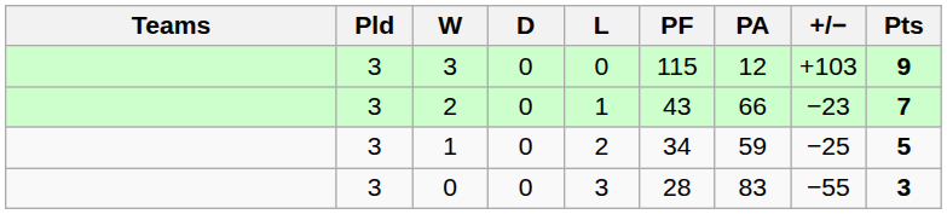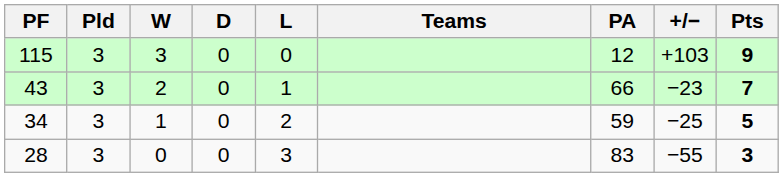 <table class="wikitable" style="text-align: center;">
 <tr>
-<th width="200">Teams</th>
+<th width="40">PF</th>
 <th width="40">Pld</th>
 <th width="40">W</th>
 <th width="40">D</th>
 <th width="40">L</th>
-<th width="40">PF</th>
+<th width="200">Teams</th>
 <th width="40">PA</th>
 <th width="40">+/−</th>
 <th width="40">Pts</th>
 </tr>
 <tr bgcolor=ccffcc>
-<td align=left></td>
+<td>115</td>
 <td>3</td>
 <td>3</td>
 <td>0</td>
 <td>0</td>
-<td>115</td>
+<td align=left></td>
 <td>12</td>
 <td>+103</td>
 <td><strong>9</strong></td>
 </tr>
 <tr bgcolor=ccffcc>
-<td align=left></td>
+<td>43</td>
 <td>3</td>
 <td>2</td>
 <td>0</td>
 <td>1</td>
-<td>43</td>
+<td align=left></td>
 <td>66</td>
 <td>−23</td>
 <td><strong>7</strong></td>
 </tr>
 <tr>
-<td align=left></td>
+<td>34</td>
 <td>3</td>
 <td>1</td>
 <td>0</td>
 <td>2</td>
-<td>34</td>
+<td align=left></td>
 <td>59</td>
 <td>−25</td>
 <td><strong>5</strong></td>
 </tr>
 <tr>
-<td align=left></td>
+<td>28</td>
 <td>3</td>
 <td>0</td>
 <td>0</td>
 <td>3</td>
-<td>28</td>
+<td align=left></td>
 <td>83</td>
 <td>−55</td>
 <td><strong>3</strong></td>
 </tr>
 </table>
